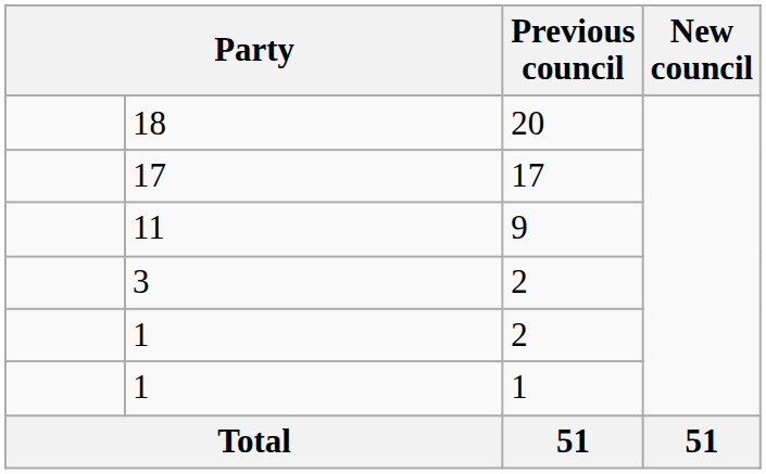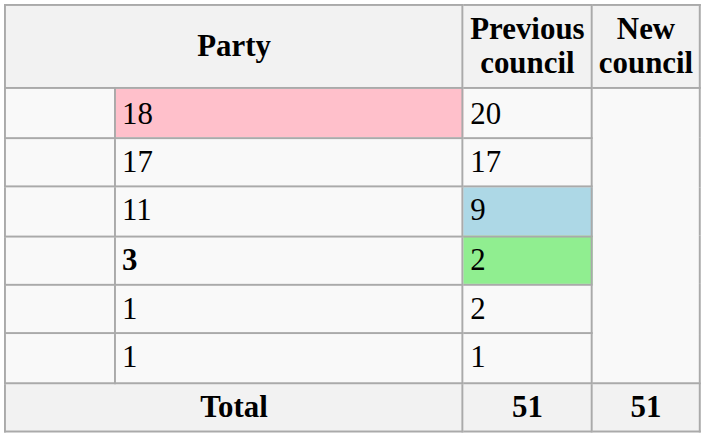 <table class="wikitable">
 <tr>
 <th valign=centre colspan="2" style="width: 230px">Party</th>
 <th valign=top style="width: 30px">Previous council</th>
 <th valign=top style="width: 30px">New council</th>
 </tr>
 <tr>
 <td></td>
-<td>18</td>
+<td style="background: pink;">18</td>
 <td>20</td>
 </tr>
 <tr>
 <td></td>
 <td>17</td>
 <td>17</td>
 </tr>
 <tr>
 <td></td>
 <td>11</td>
-<td>9</td>
+<td style="background: lightblue;">9</td>
 </tr>
 <tr>
 <td></td>
-<td>3</td>
-<td>2</td>
+<td><strong>3</strong></td>
+<td style="background: lightgreen;">2</td>
 </tr>
 <tr>
 <td></td>
 <td>1</td>
 <td>2</td>
 </tr>
 <tr>
 <td></td>
 <td>1</td>
 <td>1</td>
 </tr>
 <tr>
 <th colspan=2>Total</th>
 <th style="text-align: center">51</th>
 <th colspan=3>51</th>
 </tr>
 </table>
